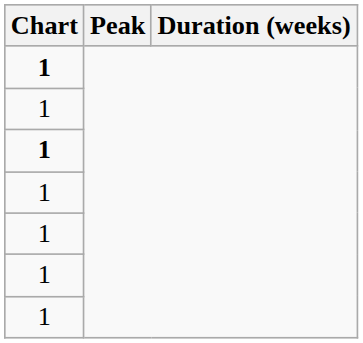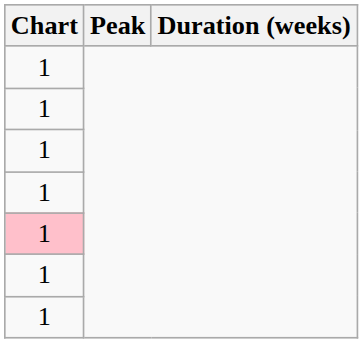 <table class="wikitable sortable plainrowheaders" style="text-align:center;">
 <tr>
 <th scope="col">Chart</th>
 <th scope="col">Peak</th>
 <th scope="col">Duration (weeks)</th>
-</tr>
-<tr>
-<td><strong>1</strong></td>
-</tr>
-<tr>
-<td>1</td>
-</tr>
-<tr>
-<td><strong>1</strong></td>
 </tr>
 <tr>
 <td>1</td>
 </tr>
 <tr>
 <td>1</td>
 </tr>
 <tr>
 <td>1</td>
 </tr>
 <tr>
 <td>1</td>
 </tr>
+<tr>
+<td style="background: pink;">1</td>
+</tr>
+<tr>
+<td>1</td>
+</tr>
+<tr>
+<td>1</td>
+</tr>
 </table>
